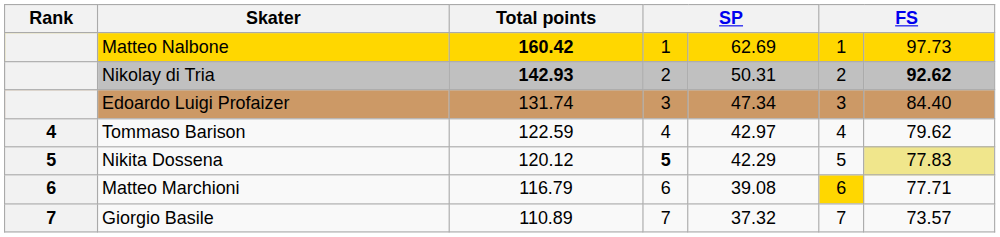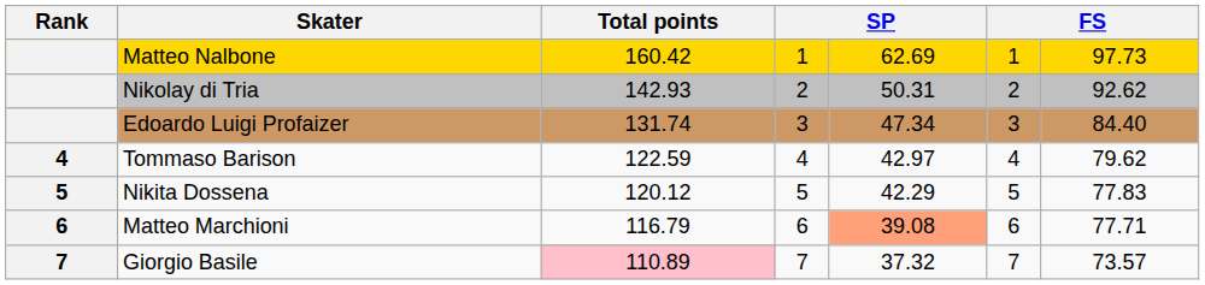 <table class="wikitable sortable" style="text-align:center;" width="70%">
 <tr>
 <th scope="col">Rank</th>
 <th scope="col">Skater</th>
 <th scope="col">Total points</th>
 <th scope="col" colspan="2" width="80px"><a href='#'>SP</a></th>
 <th scope="col" colspan="2" width="80px"><a href='#'>FS</a></th>
 </tr>
 <tr bgcolor="gold">
 <th scope="row"></th>
 <td align="left">Matteo Nalbone</td>
-<td><strong>160.42</strong></td>
+<td>160.42</td>
 <td>1</td>
 <td>62.69</td>
 <td>1</td>
 <td>97.73</td>
 </tr>
 <tr bgcolor="silver">
 <th scope="row"></th>
 <td align="left">Nikolay di Tria</td>
-<td><strong>142.93</strong></td>
+<td>142.93</td>
 <td>2</td>
 <td>50.31</td>
 <td>2</td>
-<td><strong>92.62</strong></td>
+<td>92.62</td>
 </tr>
 <tr bgcolor="cc9966">
 <th scope="row"></th>
 <td align="left">Edoardo Luigi Profaizer</td>
 <td>131.74</td>
 <td>3</td>
 <td>47.34</td>
 <td>3</td>
 <td>84.40</td>
 </tr>
 <tr>
 <th scope="row">4</th>
 <td align="left">Tommaso Barison</td>
 <td>122.59</td>
 <td>4</td>
 <td>42.97</td>
 <td>4</td>
 <td>79.62</td>
 </tr>
 <tr>
 <th scope="row">5</th>
 <td align="left">Nikita Dossena</td>
 <td>120.12</td>
-<td><strong>5</strong></td>
+<td>5</td>
 <td>42.29</td>
 <td>5</td>
-<td style="background: khaki;">77.83</td>
+<td>77.83</td>
 </tr>
 <tr>
 <th scope="row">6</th>
 <td align="left">Matteo Marchioni</td>
 <td>116.79</td>
 <td>6</td>
-<td>39.08</td>
-<td style="background: gold;">6</td>
+<td style="background: lightsalmon;">39.08</td>
+<td>6</td>
 <td>77.71</td>
 </tr>
 <tr>
 <th scope="row">7</th>
 <td align="left">Giorgio Basile</td>
-<td>110.89</td>
+<td style="background: pink;">110.89</td>
 <td>7</td>
 <td>37.32</td>
 <td>7</td>
 <td>73.57</td>
 </tr>
 </table>
